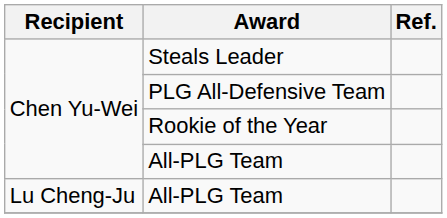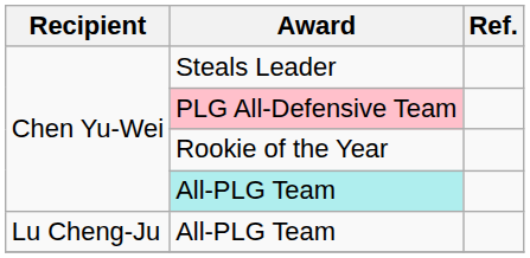 <table class="wikitable">
 <tr>
 <th>Recipient</th>
 <th>Award</th>
 <th>Ref.</th>
 </tr>
 <tr>
 <td rowspan=4>Chen Yu-Wei</td>
 <td>Steals Leader</td>
 <td></td>
 </tr>
 <tr>
-<td>PLG All-Defensive Team</td>
+<td style="background: pink;">PLG All-Defensive Team</td>
 <td></td>
 </tr>
 <tr>
 <td>Rookie of the Year</td>
 <td></td>
 </tr>
 <tr>
-<td>All-PLG Team</td>
+<td style="background: paleturquoise;">All-PLG Team</td>
 <td></td>
 </tr>
 <tr>
 <td>Lu Cheng-Ju</td>
 <td>All-PLG Team</td>
 <td></td>
 </tr>
 <tr>
 </tr>
 </table>
